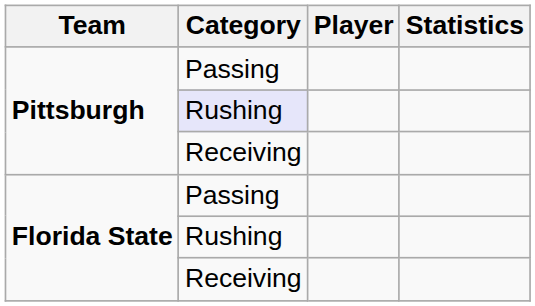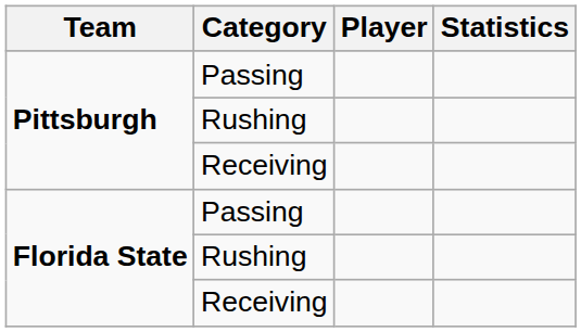 <table class="wikitable" style="float: right;">
 <tr>
 <th>Team</th>
 <th>Category</th>
 <th>Player</th>
 <th>Statistics</th>
 </tr>
 <tr>
 <td rowspan=3><strong>Pittsburgh</strong></td>
 <td>Passing</td>
 <td></td>
 <td></td>
 </tr>
 <tr>
-<td style="background: lavender;">Rushing</td>
+<td>Rushing</td>
 <td></td>
 <td></td>
 </tr>
 <tr>
 <td>Receiving</td>
 <td></td>
 <td></td>
 </tr>
 <tr>
 <td rowspan=3><strong>Florida State</strong></td>
 <td>Passing</td>
 <td></td>
 <td></td>
 </tr>
 <tr>
 <td>Rushing</td>
 <td></td>
 <td></td>
 </tr>
 <tr>
 <td>Receiving</td>
 <td></td>
 <td></td>
 </tr>
 </table>
